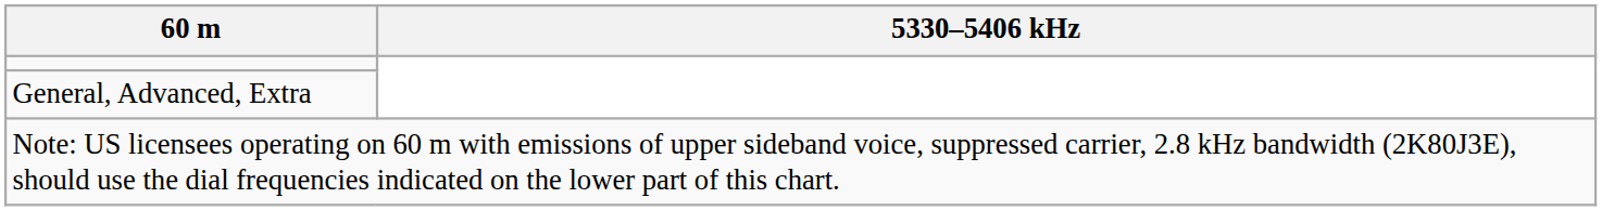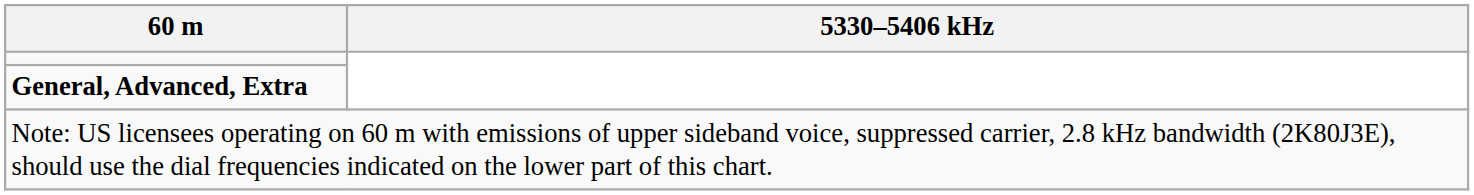 <table class="wikitable" style="width:660px; font-size:75%">
 <tr>
 <th style="width:150px;">60 m</th>
 <th style="width:510px;">5330–5406 kHz</th>
 </tr>
 <tr>
 <td></td>
 <td style="background: white;" rowspan=2></td>
 </tr>
 <tr>
-<td>General, Advanced, Extra</td>
+<td><strong>General, Advanced, Extra</strong></td>
 </tr>
 <tr>
 <td colspan=2>Note: US licensees operating on 60 m with emissions of upper sideband voice, suppressed carrier, 2.8 kHz bandwidth (2K80J3E), should use the dial frequencies indicated on the lower part of this chart.</td>
 </tr>
 </table>
